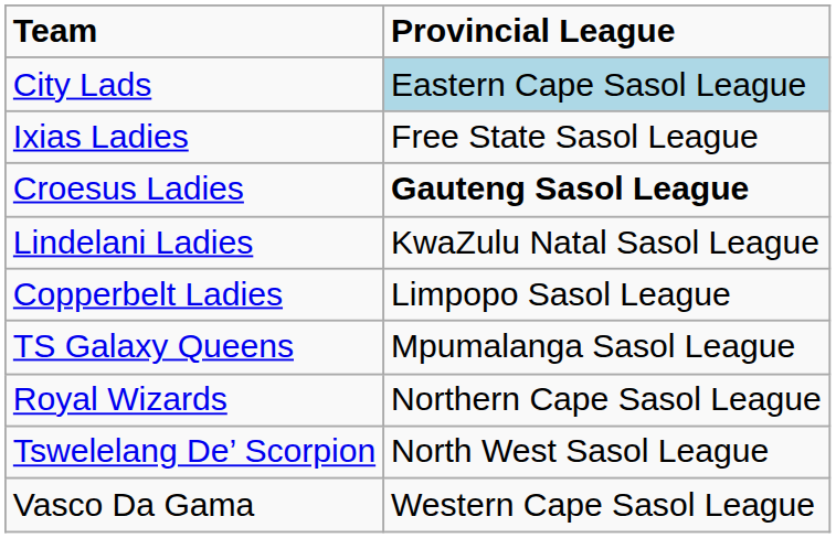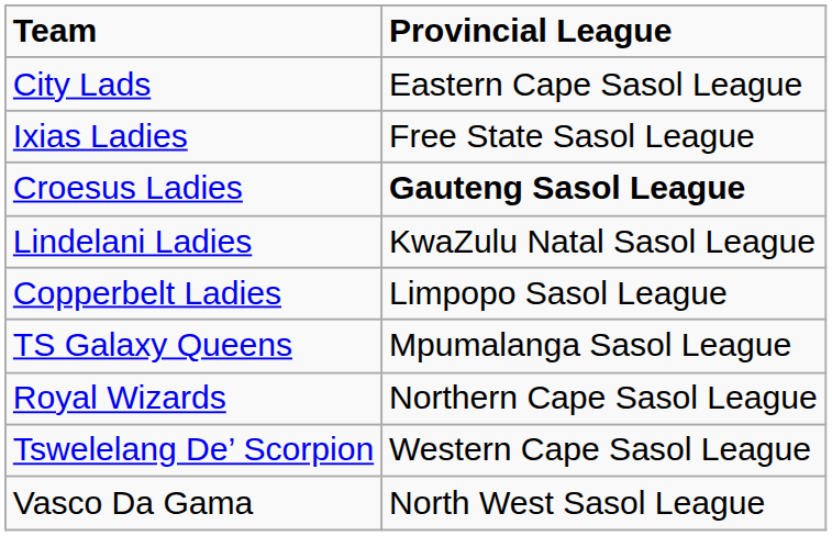 <table class= "wikitable sortable" style="text_align: left;">
 <tr>
 <td><strong>Team</strong></td>
 <td><strong>Provincial League</strong></td>
 </tr>
 <tr>
 <td><a href='#'>City Lads</a></td>
-<td style="background: lightblue;">Eastern Cape Sasol League</td>
+<td>Eastern Cape Sasol League</td>
 </tr>
 <tr>
 <td><a href='#'>Ixias Ladies</a></td>
 <td>Free State Sasol League</td>
 </tr>
 <tr>
 <td><a href='#'>Croesus Ladies</a></td>
 <td><strong>Gauteng Sasol League</strong></td>
 </tr>
 <tr>
 <td><a href='#'>Lindelani Ladies</a></td>
 <td>KwaZulu Natal Sasol League</td>
 </tr>
 <tr>
 <td><a href='#'>Copperbelt Ladies</a></td>
 <td>Limpopo Sasol League</td>
 </tr>
 <tr>
 <td><a href='#'>TS Galaxy Queens</a></td>
 <td>Mpumalanga Sasol League</td>
 </tr>
 <tr>
 <td><a href='#'>Royal Wizards</a></td>
 <td>Northern Cape Sasol League</td>
 </tr>
 <tr>
 <td><a href='#'>Tswelelang De’ Scorpion</a></td>
-<td>North West Sasol League</td>
+<td>Western Cape Sasol League</td>
 </tr>
 <tr>
 <td>Vasco Da Gama</td>
-<td>Western Cape Sasol League</td>
+<td>North West Sasol League</td>
 </tr>
 </table>
